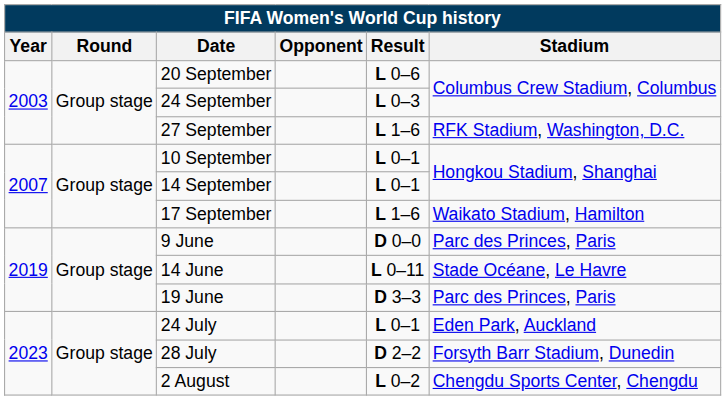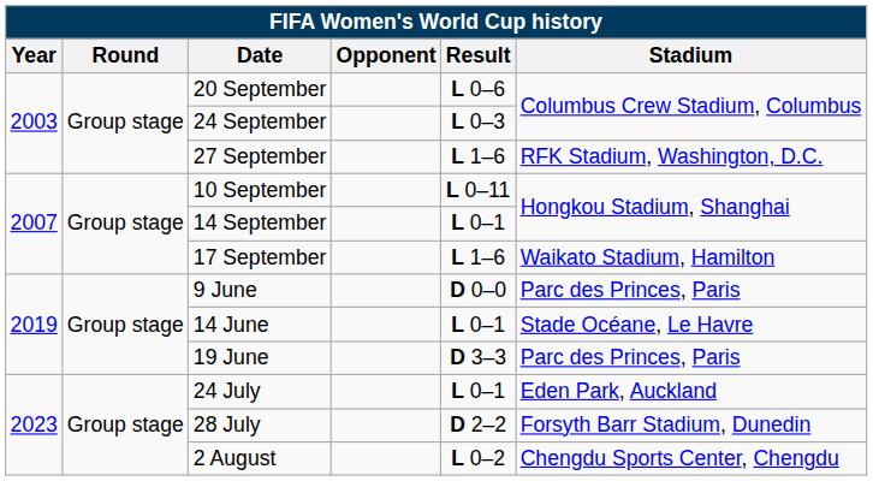 <table class="wikitable" style="text-align: center;font-size:100%;">
 <tr>
 <th colspan=6 style="background: #013A5E; color: #FFFFFF;">FIFA Women's World Cup history</th>
 </tr>
 <tr>
 <th>Year</th>
 <th>Round</th>
 <th>Date</th>
 <th>Opponent</th>
 <th>Result</th>
 <th>Stadium</th>
 </tr>
 <tr>
 <td rowspan=3> <a href='#'>2003</a></td>
 <td rowspan=3>Group stage</td>
 <td align="left">20 September</td>
 <td align="left"></td>
 <td><strong>L</strong> 0–6</td>
 <td rowspan=2 align="left"><a href='#'>Columbus Crew Stadium</a>, <a href='#'>Columbus</a></td>
 </tr>
 <tr>
 <td align="left">24 September</td>
 <td align="left"></td>
 <td><strong>L</strong> 0–3</td>
 </tr>
 <tr>
 <td align="left">27 September</td>
 <td align="left"></td>
 <td><strong>L</strong> 1–6</td>
 <td align="left"><a href='#'>RFK Stadium</a>, <a href='#'>Washington, D.C.</a></td>
 </tr>
 <tr>
 <td rowspan=3> <a href='#'>2007</a></td>
 <td rowspan=3>Group stage</td>
 <td align="left">10 September</td>
 <td align="left"></td>
-<td><strong>L</strong> 0–1</td>
+<td><strong>L</strong> 0–11</td>
 <td rowspan=2 align="left"><a href='#'>Hongkou Stadium</a>, <a href='#'>Shanghai</a></td>
 </tr>
 <tr>
 <td align="left">14 September</td>
 <td align="left"></td>
 <td><strong>L</strong> 0–1</td>
 </tr>
 <tr>
 <td align="left">17 September</td>
 <td align="left"></td>
 <td><strong>L</strong> 1–6</td>
 <td align="left"><a href='#'>Waikato Stadium</a>, <a href='#'>Hamilton</a></td>
 </tr>
 <tr>
 <td rowspan=3> <a href='#'>2019</a></td>
 <td rowspan=3>Group stage</td>
 <td align="left">9 June</td>
 <td align="left"></td>
 <td><strong>D</strong> 0–0</td>
 <td align="left"><a href='#'>Parc des Princes</a>, <a href='#'>Paris</a></td>
 </tr>
 <tr>
 <td align="left">14 June</td>
 <td align="left"></td>
-<td><strong>L</strong> 0–11</td>
+<td><strong>L</strong> 0–1</td>
 <td align="left"><a href='#'>Stade Océane</a>, <a href='#'>Le Havre</a></td>
 </tr>
 <tr>
 <td align="left">19 June</td>
 <td align="left"></td>
 <td><strong>D</strong> 3–3</td>
 <td align="left"><a href='#'>Parc des Princes</a>, <a href='#'>Paris</a></td>
 </tr>
 <tr>
 <td rowspan=3>  <a href='#'>2023</a></td>
 <td rowspan=3>Group stage</td>
 <td align="left">24 July</td>
 <td align="left"></td>
 <td><strong>L</strong> 0–1</td>
 <td align="left"><a href='#'>Eden Park</a>, <a href='#'>Auckland</a></td>
 </tr>
 <tr>
 <td align="left">28 July</td>
 <td align="left"></td>
 <td><strong>D</strong> 2–2</td>
 <td align="left"><a href='#'>Forsyth Barr Stadium</a>, <a href='#'>Dunedin</a></td>
 </tr>
 <tr>
 <td align="left">2 August</td>
 <td align="left"></td>
 <td><strong>L</strong> 0–2</td>
 <td align="left"><a href='#'>Chengdu Sports Center</a>, <a href='#'>Chengdu</a></td>
 </tr>
 </table>
